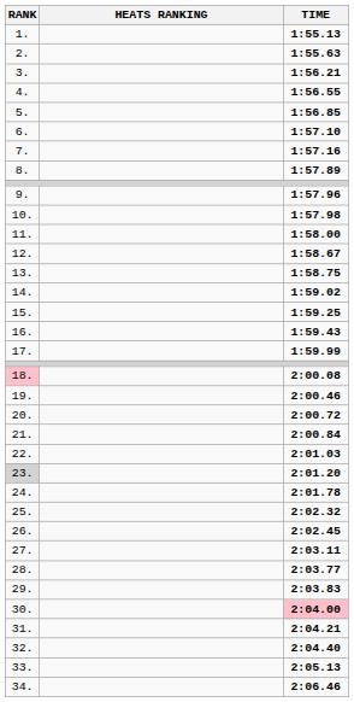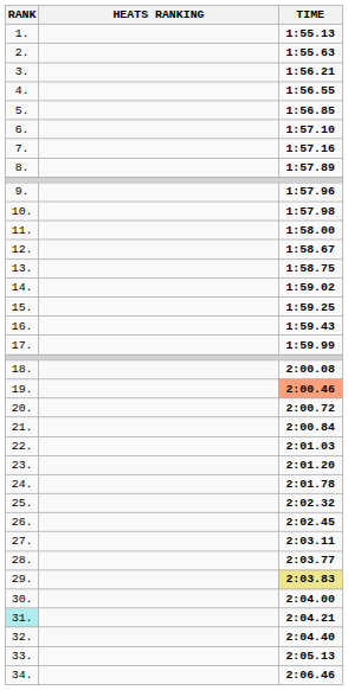 <table class="wikitable">
 <tr>
 <th>RANK</th>
 <th style="width: 20em">HEATS RANKING</th>
 <th style="width: 5em">TIME</th>
 </tr>
 <tr>
 <td align="center">1.</td>
 <td></td>
 <td align="center"><strong>1:55.13</strong></td>
 </tr>
 <tr>
 <td align="center">2.</td>
 <td></td>
 <td align="center"><strong>1:55.63</strong></td>
 </tr>
 <tr>
 <td align="center">3.</td>
 <td></td>
 <td align="center"><strong>1:56.21</strong></td>
 </tr>
 <tr>
 <td align="center">4.</td>
 <td></td>
 <td align="center"><strong>1:56.55</strong></td>
 </tr>
 <tr>
 <td align="center">5.</td>
 <td></td>
 <td align="center"><strong>1:56.85</strong></td>
 </tr>
 <tr>
 <td align="center">6.</td>
 <td></td>
 <td align="center"><strong>1:57.10</strong></td>
 </tr>
 <tr>
 <td align="center">7.</td>
 <td></td>
 <td align="center"><strong>1:57.16</strong></td>
 </tr>
 <tr>
 <td align="center">8.</td>
 <td></td>
 <td align="center"><strong>1:57.89</strong></td>
 </tr>
 <tr>
 <td colspan=3 bgcolor=lightgray></td>
 </tr>
 <tr>
 <td align="center">9.</td>
 <td></td>
 <td align="center"><strong>1:57.96</strong></td>
 </tr>
 <tr>
 <td align="center">10.</td>
 <td></td>
 <td align="center"><strong>1:57.98</strong></td>
 </tr>
 <tr>
 <td align="center">11.</td>
 <td></td>
 <td align="center"><strong>1:58.00</strong></td>
 </tr>
 <tr>
 <td align="center">12.</td>
 <td></td>
 <td align="center"><strong>1:58.67</strong></td>
 </tr>
 <tr>
 <td align="center">13.</td>
 <td></td>
 <td align="center"><strong>1:58.75</strong></td>
 </tr>
 <tr>
 <td align="center">14.</td>
 <td></td>
 <td align="center"><strong>1:59.02</strong></td>
 </tr>
 <tr>
 <td align="center">15.</td>
 <td> </td>
 <td align="center"><strong>1:59.25</strong></td>
 </tr>
 <tr>
 <td align="center">16.</td>
 <td></td>
 <td align="center"><strong>1:59.43</strong></td>
 </tr>
 <tr>
 <td align="center">17.</td>
 <td></td>
 <td align="center"><strong>1:59.99</strong></td>
 </tr>
 <tr>
 <td colspan=3 bgcolor=lightgray></td>
 </tr>
 <tr>
-<td align="center" style="background: pink;">18.</td>
+<td align="center">18.</td>
 <td></td>
 <td align="center"><strong>2:00.08</strong></td>
 </tr>
 <tr>
 <td align="center">19.</td>
 <td></td>
-<td align="center"><strong>2:00.46</strong></td>
+<td align="center" style="background: lightsalmon;"><strong>2:00.46</strong></td>
 </tr>
 <tr>
 <td align="center">20.</td>
 <td></td>
 <td align="center"><strong>2:00.72</strong></td>
 </tr>
 <tr>
 <td align="center">21.</td>
 <td></td>
 <td align="center"><strong>2:00.84</strong></td>
 </tr>
 <tr>
 <td align="center">22.</td>
 <td></td>
 <td align="center"><strong>2:01.03</strong></td>
 </tr>
 <tr>
-<td align="center" style="background: lightgrey;">23.</td>
+<td align="center">23.</td>
 <td></td>
 <td align="center"><strong>2:01.20</strong></td>
 </tr>
 <tr>
 <td align="center">24.</td>
 <td></td>
 <td align="center"><strong>2:01.78</strong></td>
 </tr>
 <tr>
 <td align="center">25.</td>
 <td></td>
 <td align="center"><strong>2:02.32</strong></td>
 </tr>
 <tr>
 <td align="center">26.</td>
 <td></td>
 <td align="center"><strong>2:02.45</strong></td>
 </tr>
 <tr>
 <td align="center">27.</td>
 <td></td>
 <td align="center"><strong>2:03.11</strong></td>
 </tr>
 <tr>
 <td align="center">28.</td>
 <td></td>
 <td align="center"><strong>2:03.77</strong></td>
 </tr>
 <tr>
 <td align="center">29.</td>
 <td></td>
-<td align="center"><strong>2:03.83</strong></td>
+<td align="center" style="background: khaki;"><strong>2:03.83</strong></td>
 </tr>
 <tr>
 <td align="center">30.</td>
 <td></td>
-<td align="center" style="background: pink;"><strong>2:04.00</strong></td>
+<td align="center"><strong>2:04.00</strong></td>
 </tr>
 <tr>
-<td align="center">31.</td>
+<td align="center" style="background: paleturquoise;">31.</td>
 <td></td>
 <td align="center"><strong>2:04.21</strong></td>
 </tr>
 <tr>
 <td align="center">32.</td>
 <td></td>
 <td align="center"><strong>2:04.40</strong></td>
 </tr>
 <tr>
 <td align="center">33.</td>
 <td></td>
 <td align="center"><strong>2:05.13</strong></td>
 </tr>
 <tr>
 <td align="center">34.</td>
 <td></td>
 <td align="center"><strong>2:06.46</strong></td>
 </tr>
 </table>
